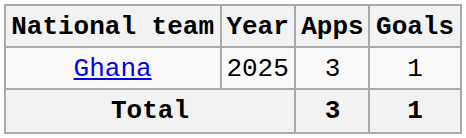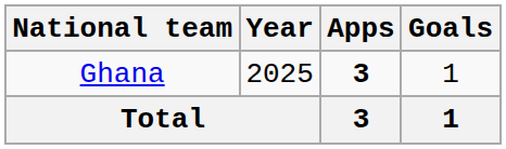 <table class="wikitable" style="text-align:center">
 <tr>
 <th>National team</th>
 <th>Year</th>
 <th>Apps</th>
 <th>Goals</th>
 </tr>
 <tr>
 <td><a href='#'>Ghana</a></td>
 <td>2025</td>
-<td>3</td>
+<td><strong>3</strong></td>
 <td>1</td>
 </tr>
 <tr>
 <th colspan="2">Total</th>
 <th>3</th>
 <th>1</th>
 </tr>
 </table>
